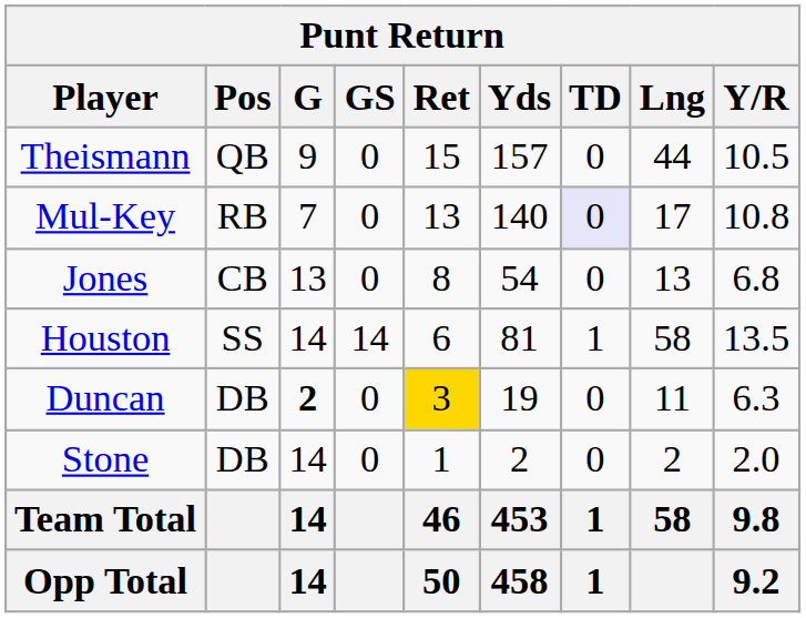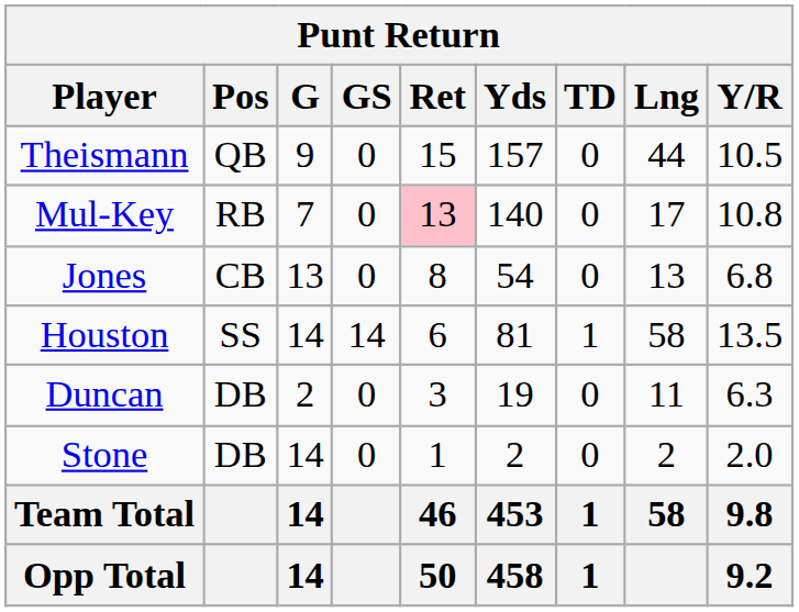 <table class="wikitable" style="text-align:center">
 <tr>
 <th colspan="9">Punt Return</th>
 </tr>
 <tr>
 <th>Player</th>
 <th>Pos</th>
 <th>G</th>
 <th>GS</th>
 <th>Ret</th>
 <th>Yds</th>
 <th>TD</th>
 <th>Lng</th>
 <th>Y/R</th>
 </tr>
 <tr>
 <td><a href='#'>Theismann</a></td>
 <td>QB</td>
 <td>9</td>
 <td>0</td>
 <td>15</td>
 <td>157</td>
 <td>0</td>
 <td>44</td>
 <td>10.5</td>
 </tr>
 <tr>
 <td><a href='#'>Mul-Key</a></td>
 <td>RB</td>
 <td>7</td>
 <td>0</td>
-<td>13</td>
+<td style="background: pink;">13</td>
 <td>140</td>
-<td style="background: lavender;">0</td>
+<td>0</td>
 <td>17</td>
 <td>10.8</td>
 </tr>
 <tr>
 <td><a href='#'>Jones</a></td>
 <td>CB</td>
 <td>13</td>
 <td>0</td>
 <td>8</td>
 <td>54</td>
 <td>0</td>
 <td>13</td>
 <td>6.8</td>
 </tr>
 <tr>
 <td><a href='#'>Houston</a></td>
 <td>SS</td>
 <td>14</td>
 <td>14</td>
 <td>6</td>
 <td>81</td>
 <td>1</td>
 <td>58</td>
 <td>13.5</td>
 </tr>
 <tr>
 <td><a href='#'>Duncan</a></td>
 <td>DB</td>
-<td><strong>2</strong></td>
+<td>2</td>
 <td>0</td>
-<td style="background: gold;">3</td>
+<td>3</td>
 <td>19</td>
 <td>0</td>
 <td>11</td>
 <td>6.3</td>
 </tr>
 <tr>
 <td><a href='#'>Stone</a></td>
 <td>DB</td>
 <td>14</td>
 <td>0</td>
 <td>1</td>
 <td>2</td>
 <td>0</td>
 <td>2</td>
 <td>2.0</td>
 </tr>
 <tr>
 <th>Team Total</th>
 <th></th>
 <th>14</th>
 <th></th>
 <th>46</th>
 <th>453</th>
 <th>1</th>
 <th>58</th>
 <th>9.8</th>
 </tr>
 <tr>
 <th>Opp Total</th>
 <th></th>
 <th>14</th>
 <th></th>
 <th>50</th>
 <th>458</th>
 <th>1</th>
 <th></th>
 <th>9.2</th>
 </tr>
 </table>
